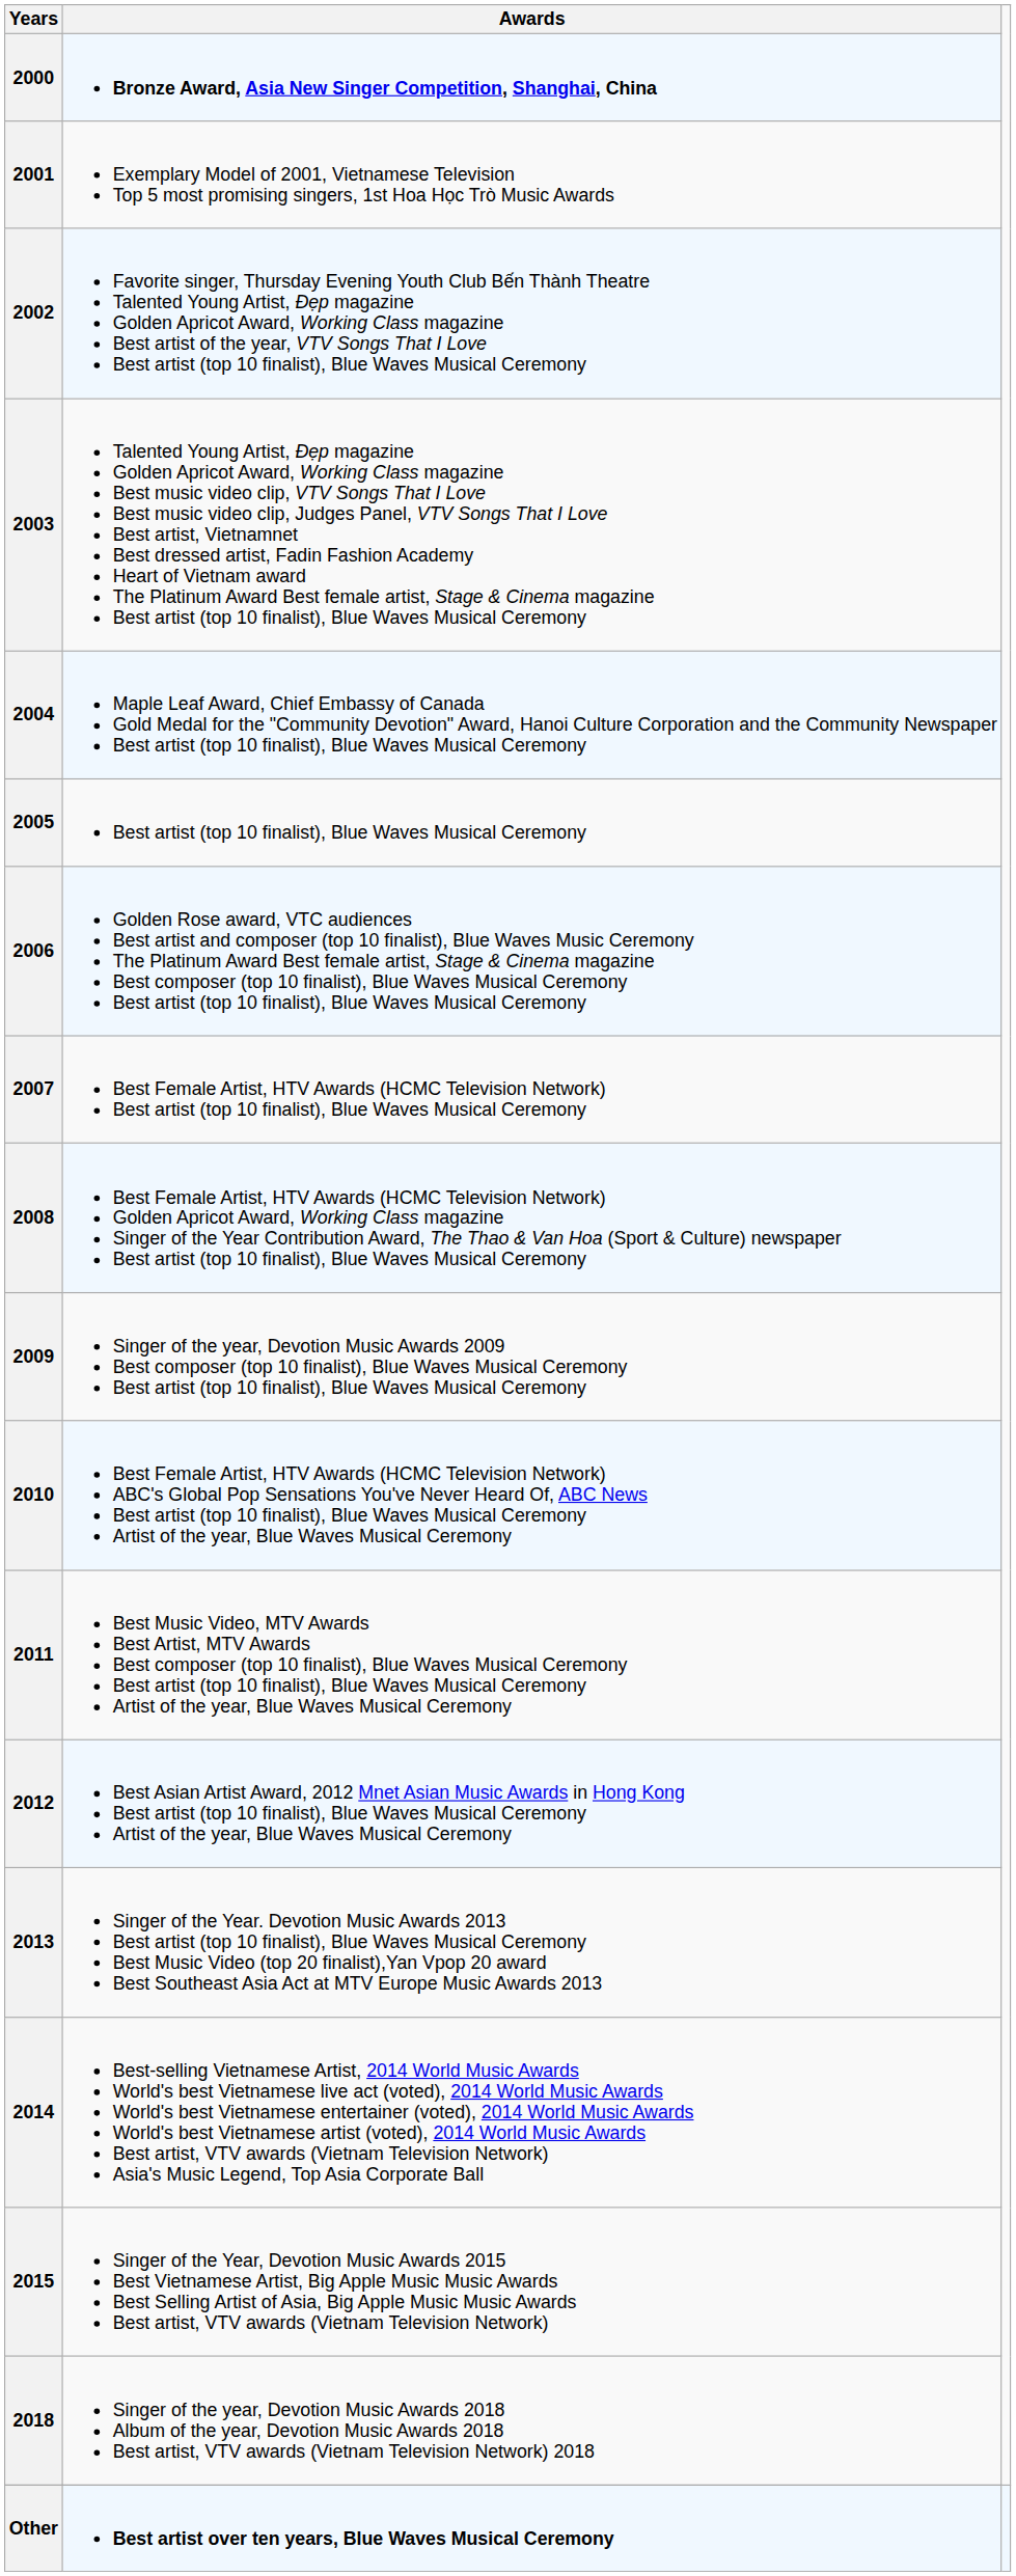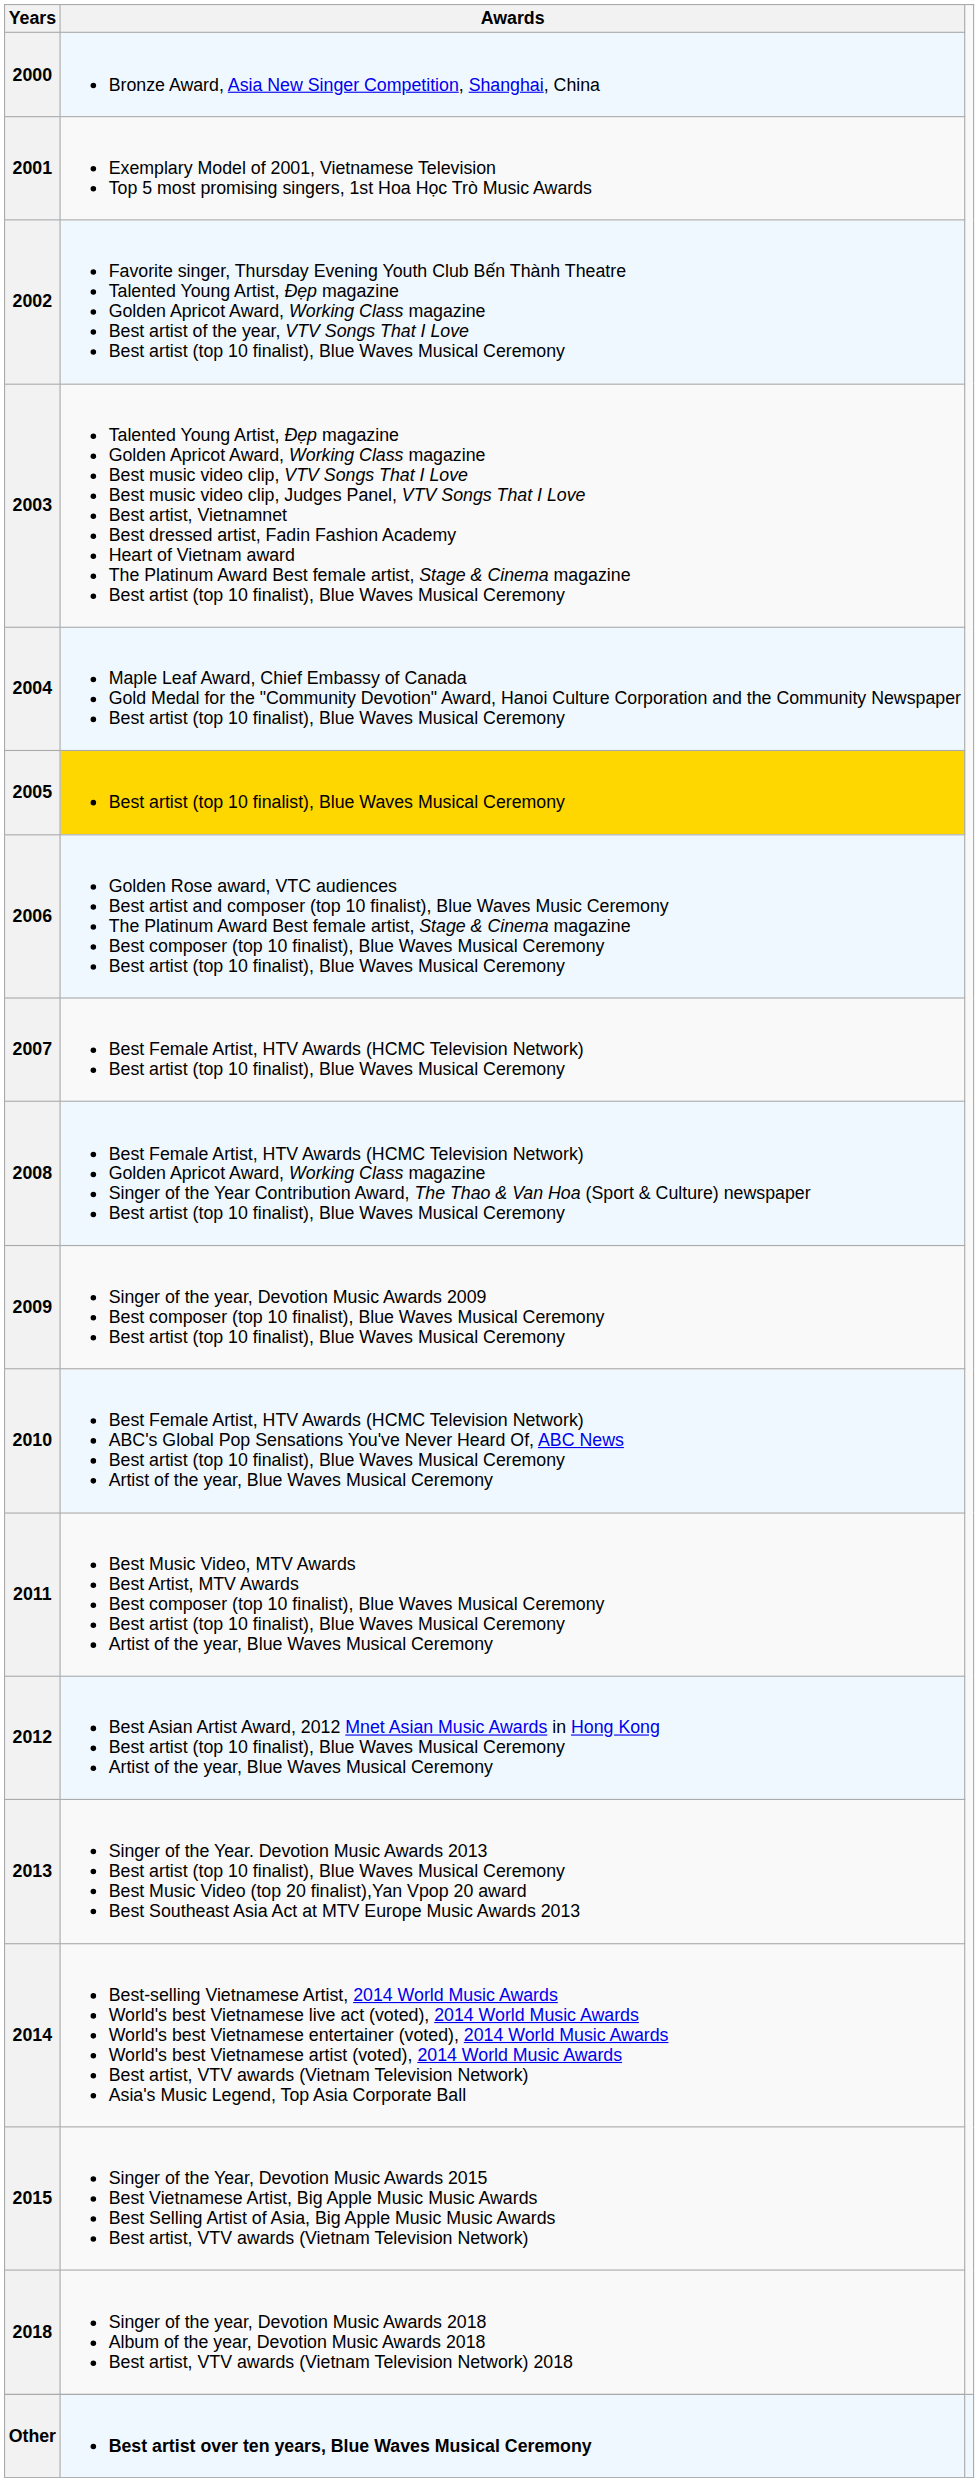 <table class="wikitable">
 <tr>
 <th align="left">Years</th>
 <th align="left">Awards</th>
 </tr>
 <tr style="background:#f0f8ff;">
 <th style="text-align:center;">2000</th>
-<td align="left"><strong><br><ul><li>Bronze Award, <a href='#'>Asia New Singer Competition</a>, <a href='#'>Shanghai</a>, China</li></ul></strong></td>
+<td align="left"><br><ul><li>Bronze Award, <a href='#'>Asia New Singer Competition</a>, <a href='#'>Shanghai</a>, China</li></ul></td>
 </tr>
 <tr>
 <th style="text-align:center;">2001</th>
 <td align="left"><br><ul><li>Exemplary Model of 2001, Vietnamese Television</li><li>Top 5 most promising singers, 1st Hoa Học Trò Music Awards</li></ul></td>
 </tr>
 <tr style="background:#f0f8ff;">
 <th style="text-align:center;">2002</th>
 <td align="left"><br><ul><li>Favorite singer, Thursday Evening Youth Club Bến Thành Theatre</li><li>Talented Young Artist, <em>Đẹp</em> magazine</li><li>Golden Apricot Award, <em>Working Class</em> magazine</li><li>Best artist of the year, <em>VTV Songs That I Love</em></li><li>Best artist (top 10 finalist), Blue Waves Musical Ceremony</li></ul></td>
 </tr>
 <tr>
 <th style="text-align:center;">2003</th>
 <td align="left"><br><ul><li>Talented Young Artist, <em>Đẹp</em> magazine</li><li>Golden Apricot Award, <em>Working Class</em> magazine</li><li>Best music video clip, <em>VTV Songs That I Love</em></li><li>Best music video clip, Judges Panel, <em>VTV Songs That I Love</em></li><li>Best artist, Vietnamnet</li><li>Best dressed artist, Fadin Fashion Academy</li><li>Heart of Vietnam award</li><li>The Platinum Award Best female artist, <em>Stage & Cinema</em> magazine</li><li>Best artist (top 10 finalist), Blue Waves Musical Ceremony</li></ul></td>
 </tr>
 <tr style="background:#f0f8ff;">
 <th style="text-align:center;">2004</th>
 <td align="left"><br><ul><li>Maple Leaf Award, Chief Embassy of Canada</li><li>Gold Medal for the "Community Devotion" Award, Hanoi Culture Corporation and the Community Newspaper</li><li>Best artist (top 10 finalist), Blue Waves Musical Ceremony</li></ul></td>
 </tr>
 <tr>
 <th style="text-align:center;">2005</th>
-<td align="left"><br><ul><li>Best artist (top 10 finalist), Blue Waves Musical Ceremony</li></ul></td>
+<td align="left" style="background: gold;"><br><ul><li>Best artist (top 10 finalist), Blue Waves Musical Ceremony</li></ul></td>
 </tr>
 <tr style="background:#f0f8ff;">
 <th style="text-align:center;">2006</th>
 <td align="left"><br><ul><li>Golden Rose award, VTC audiences</li><li>Best artist and composer (top 10 finalist), Blue Waves Music Ceremony</li><li>The Platinum Award Best female artist, <em>Stage & Cinema</em> magazine</li><li>Best composer (top 10 finalist), Blue Waves Musical Ceremony</li><li>Best artist (top 10 finalist), Blue Waves Musical Ceremony</li></ul></td>
 </tr>
 <tr>
 <th style="text-align:center;">2007</th>
 <td align="left"><br><ul><li>Best Female Artist, HTV Awards (HCMC Television Network)</li><li>Best artist (top 10 finalist), Blue Waves Musical Ceremony</li></ul></td>
 </tr>
 <tr style="background:#f0f8ff;">
 <th style="text-align:center;">2008</th>
 <td align="left"><br><ul><li>Best Female Artist, HTV Awards (HCMC Television Network)</li><li>Golden Apricot Award, <em>Working Class</em> magazine</li><li>Singer of the Year Contribution Award, <em>The Thao & Van Hoa</em> (Sport & Culture) newspaper</li><li>Best artist (top 10 finalist), Blue Waves Musical Ceremony</li></ul></td>
 </tr>
 <tr>
 <th style="text-align:center;">2009</th>
 <td align="left"><br><ul><li>Singer of the year, Devotion Music Awards 2009</li><li>Best composer (top 10 finalist), Blue Waves Musical Ceremony</li><li>Best artist (top 10 finalist), Blue Waves Musical Ceremony</li></ul></td>
 </tr>
 <tr style="background:#f0f8ff;">
 <th style="text-align:center;">2010</th>
 <td align="left"><br><ul><li>Best Female Artist, HTV Awards (HCMC Television Network)</li><li>ABC's Global Pop Sensations You've Never Heard Of, <a href='#'>ABC News</a></li><li>Best artist (top 10 finalist), Blue Waves Musical Ceremony</li><li>Artist of the year, Blue Waves Musical Ceremony</li></ul></td>
 </tr>
 <tr>
 <th style="text-align:center;">2011</th>
 <td align="left"><br><ul><li>Best Music Video, MTV Awards</li><li>Best Artist, MTV Awards</li><li>Best composer (top 10 finalist), Blue Waves Musical Ceremony</li><li>Best artist (top 10 finalist), Blue Waves Musical Ceremony</li><li>Artist of the year, Blue Waves Musical Ceremony</li></ul></td>
 </tr>
 <tr style="background:#f0f8ff;">
 <th style="text-align:center;">2012</th>
 <td align="left"><br><ul><li>Best Asian Artist Award, 2012 <a href='#'>Mnet Asian Music Awards</a> in <a href='#'>Hong Kong</a></li><li>Best artist (top 10 finalist), Blue Waves Musical Ceremony</li><li>Artist of the year, Blue Waves Musical Ceremony</li></ul></td>
 </tr>
 <tr>
 <th style="text-align:center;">2013</th>
 <td align="left"><br><ul><li>Singer of the Year. Devotion Music Awards 2013</li><li>Best artist (top 10 finalist), Blue Waves Musical Ceremony</li><li>Best Music Video (top 20 finalist),Yan Vpop 20 award</li><li>Best Southeast Asia Act at MTV Europe Music Awards 2013</li></ul></td>
 </tr>
 <tr>
 <th style="text-align:center;">2014</th>
 <td align="left"><br><ul><li>Best-selling Vietnamese Artist, <a href='#'>2014 World Music Awards</a></li><li>World's best Vietnamese live act (voted), <a href='#'>2014 World Music Awards</a></li><li>World's best Vietnamese entertainer (voted), <a href='#'>2014 World Music Awards</a></li><li>World's best Vietnamese artist (voted), <a href='#'>2014 World Music Awards</a></li><li>Best artist, VTV awards (Vietnam Television Network)</li><li>Asia's Music Legend, Top Asia Corporate Ball</li></ul></td>
 </tr>
 <tr>
 <th style="text-align:center;">2015</th>
 <td align="left"><br><ul><li>Singer of the Year, Devotion Music Awards 2015</li><li>Best Vietnamese Artist, Big Apple Music Music Awards</li><li>Best Selling Artist of Asia, Big Apple Music Music Awards</li><li>Best artist, VTV awards (Vietnam Television Network)</li></ul></td>
 </tr>
 <tr>
 <th style="text-align:center;">2018</th>
 <td align="left"><br><ul><li>Singer of the year, Devotion Music Awards 2018</li><li>Album of the year, Devotion Music Awards 2018</li><li>Best artist, VTV awards (Vietnam Television Network) 2018</li></ul></td>
 </tr>
 <tr>
 </tr>
 <tr style="background:#f0f8ff;">
 <th style="text-align:center;">Other</th>
 <td align="left"><strong><br><ul><li>Best artist over ten years, Blue Waves Musical Ceremony</li></ul></strong></td>
 <td align="left"></td>
 </tr>
 </table>
